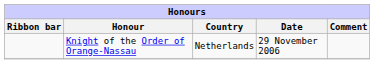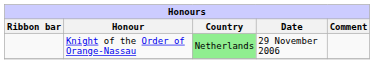 <table class="wikitable" style="width:60%;">
 <tr style="background:#ccf; text-align:center;">
 <td colspan=5><strong>Honours</strong></td>
 </tr>
 <tr>
 <th style="width:80px;">Ribbon bar</th>
 <th>Honour</th>
 <th>Country</th>
 <th>Date</th>
 <th>Comment</th>
 </tr>
 <tr>
 <td></td>
 <td><a href='#'>Knight</a> of the <a href='#'>Order of Orange-Nassau</a></td>
-<td>Netherlands</td>
+<td style="background: lightgreen;">Netherlands</td>
 <td>29 November 2006</td>
 <td></td>
 </tr>
 <tr>
 </tr>
 </table>
